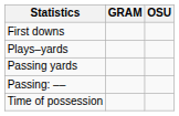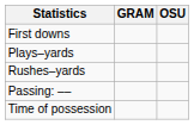 <table class="wikitable" style="float:left">
 <tr>
 <th>Statistics</th>
 <th>GRAM</th>
 <th>OSU</th>
 </tr>
 <tr>
 <td>First downs</td>
 <td></td>
 <td></td>
 </tr>
 <tr>
 <td>Plays–yards</td>
 <td></td>
 <td></td>
 </tr>
 <tr>
-<td>Passing yards</td>
+<td>Rushes–yards</td>
 <td></td>
 <td></td>
 </tr>
 <tr>
 <td>Passing: ––</td>
 <td></td>
 <td></td>
 </tr>
 <tr>
 <td>Time of possession</td>
 <td></td>
 <td></td>
 </tr>
 </table>
